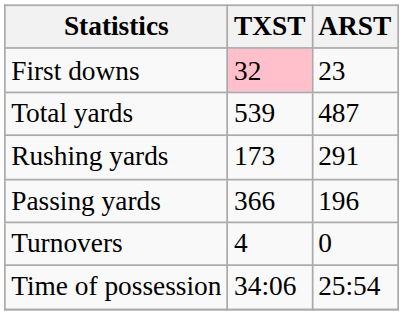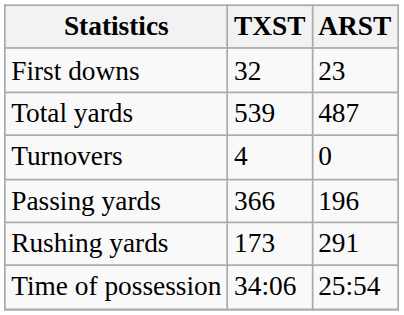 <table class="wikitable" style="float: left;">
 <tr>
 <th>Statistics</th>
 <th>TXST</th>
 <th>ARST</th>
 </tr>
 <tr>
 <td>First downs</td>
-<td style="background: pink;">32</td>
+<td>32</td>
 <td>23</td>
 </tr>
 <tr>
 <td>Total yards</td>
 <td>539</td>
 <td>487</td>
 </tr>
 <tr>
-<td>Rushing yards</td>
-<td>173</td>
-<td>291</td>
+<td>Turnovers</td>
+<td>4</td>
+<td>0</td>
 </tr>
 <tr>
 <td>Passing yards</td>
 <td>366</td>
 <td>196</td>
 </tr>
 <tr>
-<td>Turnovers</td>
-<td>4</td>
-<td>0</td>
+<td>Rushing yards</td>
+<td>173</td>
+<td>291</td>
 </tr>
 <tr>
 <td>Time of possession</td>
 <td>34:06</td>
 <td>25:54</td>
 </tr>
 <tr>
 </tr>
 </table>
